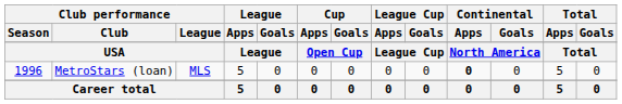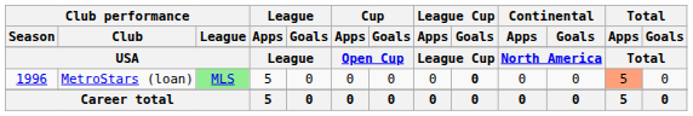 <table class="wikitable" style="text-align:center">
 <tr>
 <th colspan=3>Club performance</th>
 <th colspan=2>League</th>
 <th colspan=2>Cup</th>
 <th colspan=2>League Cup</th>
 <th colspan=2>Continental</th>
 <th colspan=2>Total</th>
 </tr>
 <tr>
 <th>Season</th>
 <th>Club</th>
 <th>League</th>
 <th>Apps</th>
 <th>Goals</th>
 <th>Apps</th>
 <th>Goals</th>
 <th>Apps</th>
 <th>Goals</th>
 <th>Apps</th>
 <th>Goals</th>
 <th>Apps</th>
 <th>Goals</th>
 </tr>
 <tr>
 </tr>
 <tr>
 <th colspan=3>USA</th>
 <th colspan=2>League</th>
 <th colspan=2><a href='#'>Open Cup</a></th>
 <th colspan=2>League Cup</th>
 <th colspan=2><a href='#'>North America</a></th>
 <th colspan=2>Total</th>
 </tr>
 <tr>
 <td><a href='#'>1996</a></td>
 <td><a href='#'>MetroStars</a> (loan)</td>
-<td><a href='#'>MLS</a></td>
+<td style="background: lightgreen;"><a href='#'>MLS</a></td>
 <td>5</td>
-<td>0</td>
 <td>0</td>
 <td>0</td>
 <td>0</td>
 <td>0</td>
 <td><strong>0</strong></td>
 <td>0</td>
-<td>5</td>
+<td>0</td>
+<td style="background: lightsalmon;">5</td>
 <td>0</td>
 </tr>
 <tr>
 </tr>
 <tr>
 <th colspan=3>Career total</th>
 <th>5</th>
 <th>0</th>
 <th>0</th>
 <th>0</th>
 <th>0</th>
 <th>0</th>
 <th>0</th>
 <th>0</th>
 <th>5</th>
 <th>0</th>
 </tr>
 </table>
